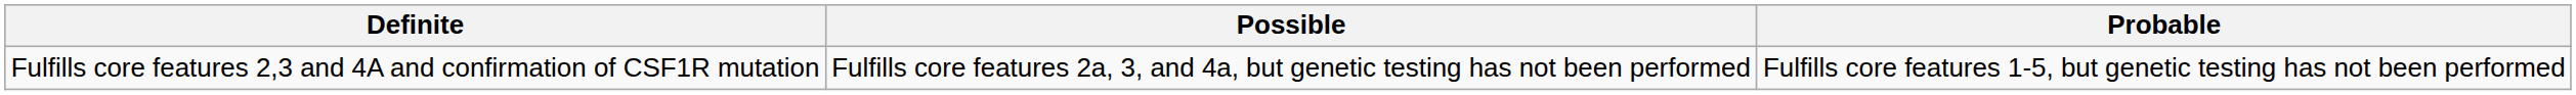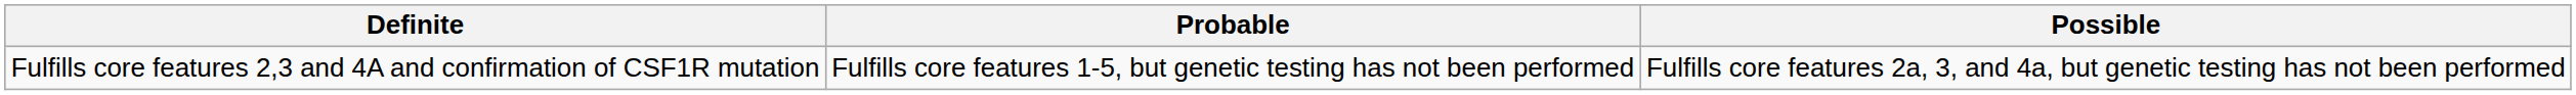 <table class="wikitable">
 <tr>
 <th>Definite</th>
+<th>Probable</th>
 <th>Possible</th>
-<th>Probable</th>
 </tr>
 <tr>
 <td>Fulfills core features 2,3 and 4A and confirmation of CSF1R mutation</td>
+<td>Fulfills core features 1-5, but genetic testing has not been performed</td>
 <td>Fulfills core features 2a, 3, and 4a, but genetic testing has not been performed</td>
-<td>Fulfills core features 1-5, but genetic testing has not been performed</td>
 </tr>
 </table>
